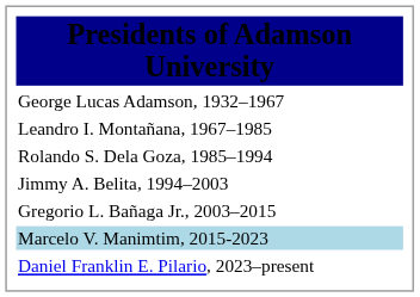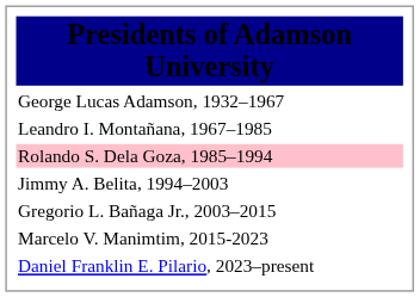 <table style="float:right; margin:1em; width:14em; border:1px solid #a0a0a0; padding:3px; bg-color=yellow; text-align:right;">
 <tr style="background:darkblue; text-align:center;">
 <td><span><strong>Presidents of Adamson University</strong></span></td>
 </tr>
 <tr>
 <td style="text-align:left; font-size:x-small;">George Lucas Adamson, 1932–1967</td>
 </tr>
 <tr>
 <td style="text-align:left; font-size:x-small;">Leandro I. Montañana, 1967–1985</td>
 </tr>
 <tr>
-<td style="text-align:left; font-size:x-small;">Rolando S. Dela Goza, 1985–1994</td>
+<td style="background: pink; text-align:left; font-size:x-small;">Rolando S. Dela Goza, 1985–1994</td>
 </tr>
 <tr>
 <td style="text-align:left; font-size:x-small;">Jimmy A. Belita, 1994–2003</td>
 </tr>
 <tr>
 <td style="text-align:left; font-size:x-small;">Gregorio L. Bañaga Jr., 2003–2015</td>
 </tr>
 <tr>
-<td style="background: lightblue; text-align:left; font-size:x-small;">Marcelo V. Manimtim, 2015-2023</td>
+<td style="text-align:left; font-size:x-small;">Marcelo V. Manimtim, 2015-2023</td>
 </tr>
 <tr>
 <td style="text-align:left; font-size:x-small;"><a href='#'>Daniel Franklin E. Pilario</a>, 2023–present</td>
 </tr>
 <tr>
 </tr>
 </table>
